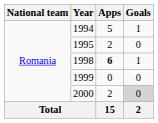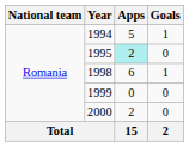 <table class="wikitable" style="text-align:center">
 <tr>
 <th>National team</th>
 <th>Year</th>
 <th>Apps</th>
 <th>Goals</th>
 </tr>
 <tr>
 <td rowspan="5"><a href='#'>Romania</a></td>
 <td>1994</td>
 <td>5</td>
 <td>1</td>
 </tr>
 <tr>
 <td>1995</td>
-<td>2</td>
+<td style="background: paleturquoise;">2</td>
 <td>0</td>
 </tr>
 <tr>
 <td>1998</td>
-<td><strong>6</strong></td>
+<td>6</td>
 <td>1</td>
 </tr>
 <tr>
 <td>1999</td>
 <td>0</td>
 <td>0</td>
 </tr>
 <tr>
 <td>2000</td>
 <td>2</td>
-<td style="background: lightgrey;">0</td>
+<td>0</td>
 </tr>
 <tr>
 <th colspan="2">Total</th>
 <th>15</th>
 <th>2</th>
 </tr>
 </table>
